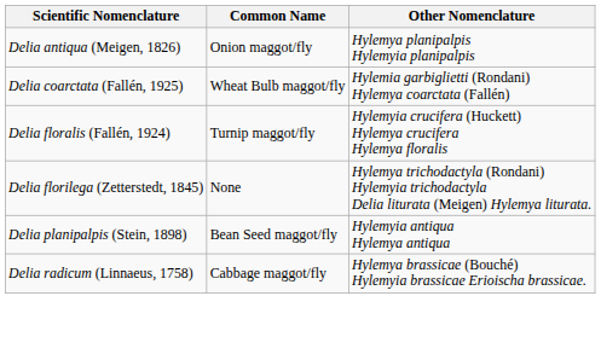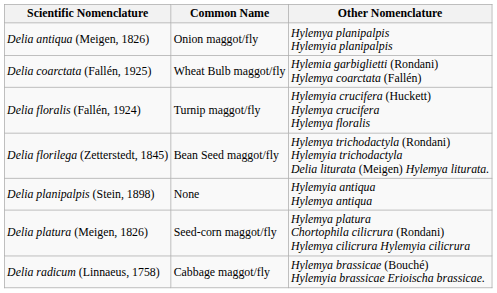 <table class="wikitable">
 <tr>
 <th>Scientific Nomenclature</th>
 <th>Common Name</th>
 <th>Other Nomenclature</th>
 </tr>
 <tr>
 <td><em>Delia antiqua</em> (Meigen, 1826)</td>
 <td>Onion maggot/fly</td>
 <td><em>Hylemya planipalpis</em><br><em>Hylemyia planipalpis</em></td>
 </tr>
 <tr>
 <td><em>Delia coarctata</em> (Fallén, 1925)</td>
 <td>Wheat Bulb maggot/fly</td>
 <td><em>Hylemia garbiglietti</em> (Rondani)<br><em>Hylemya coarctata</em> (Fallén)</td>
 </tr>
 <tr>
 <td><em>Delia floralis</em> (Fallén, 1924)</td>
 <td>Turnip maggot/fly</td>
 <td><em>Hylemyia  crucifera</em> (Huckett)<br><em>Hylemya  crucifera</em><br><em>Hylemya  floralis</em></td>
 </tr>
 <tr>
 <td><em>Delia florilega</em> (Zetterstedt, 1845)</td>
-<td>None</td>
+<td>Bean Seed maggot/fly</td>
 <td><em>Hylemya trichodactyla</em> (Rondani)<br><em>Hylemyia trichodactyla</em><br><em>Delia liturata</em> (Meigen) <em>Hylemya liturata.</em></td>
 </tr>
 <tr>
 <td><em>Delia planipalpis</em> (Stein, 1898)</td>
-<td>Bean Seed maggot/fly</td>
+<td>None</td>
 <td><em>Hylemyia antiqua</em><br><em>Hylemya antiqua</em></td>
+</tr>
+<tr>
+<td><em>Delia platura</em> (Meigen, 1826)</td>
+<td>Seed-corn maggot/fly</td>
+<td><em>Hylemya platura</em><br><em>Chortophila cilicrura</em> (Rondani)<br><em>Hylemya cilicrura</em> <em>Hylemyia cilicrura</em></td>
 </tr>
 <tr>
 <td><em>Delia radicum</em> (Linnaeus, 1758)</td>
 <td>Cabbage maggot/fly</td>
 <td><em>Hylemya brassicae</em> (Bouché)<br><em>Hylemyia brassicae</em> <em>Erioischa brassicae.</em></td>
 </tr>
 </table>
